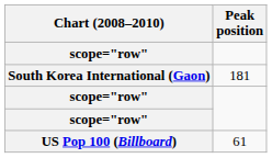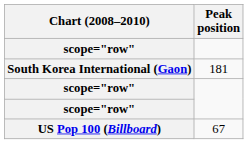 <table class="wikitable sortable plainrowheaders">
 <tr>
 <th>Chart (2008–2010)</th>
 <th>Peak<br>position</th>
 </tr>
 <tr>
 <th>scope="row" </th>
 </tr>
 <tr>
 <th scope="row">South Korea International (<a href='#'>Gaon</a>)</th>
 <td style="text-align:center;">181</td>
 </tr>
 <tr>
 <th>scope="row" </th>
 </tr>
 <tr>
 <th>scope="row" </th>
 </tr>
 <tr>
 <th scope="row">US <a href='#'>Pop 100</a> (<em><a href='#'>Billboard</a></em>)</th>
-<td style="text-align:center;">61</td>
+<td style="text-align:center;">67</td>
 </tr>
 </table>
